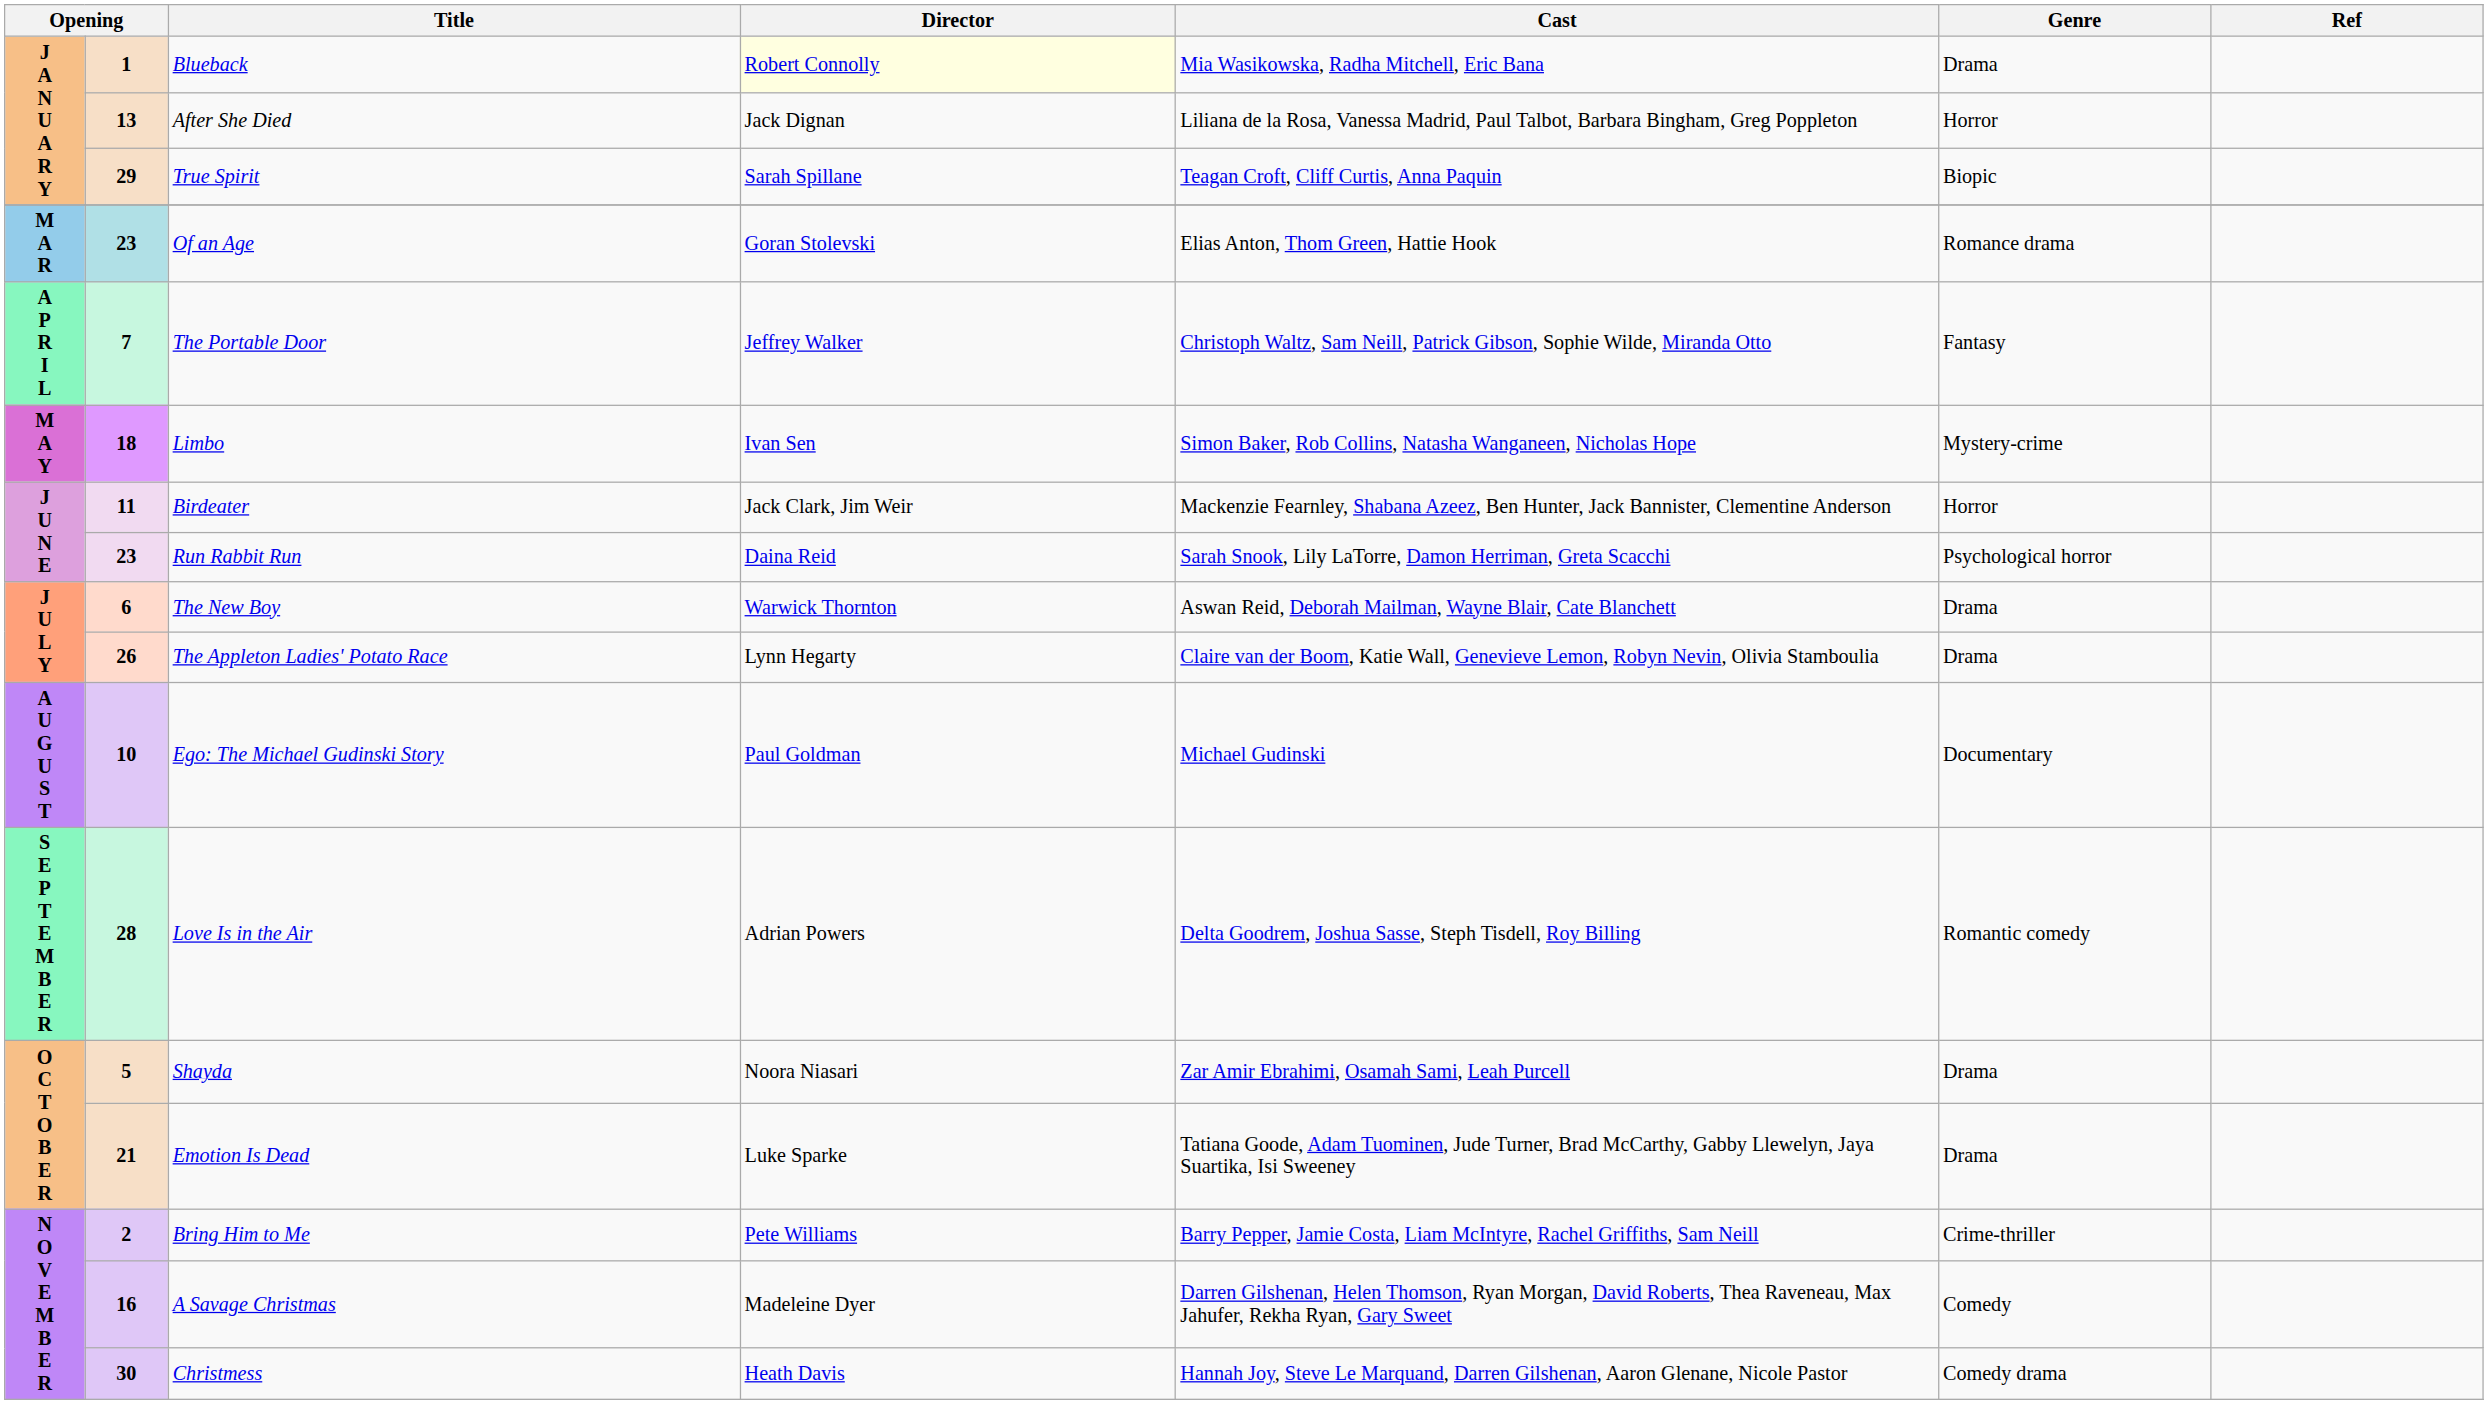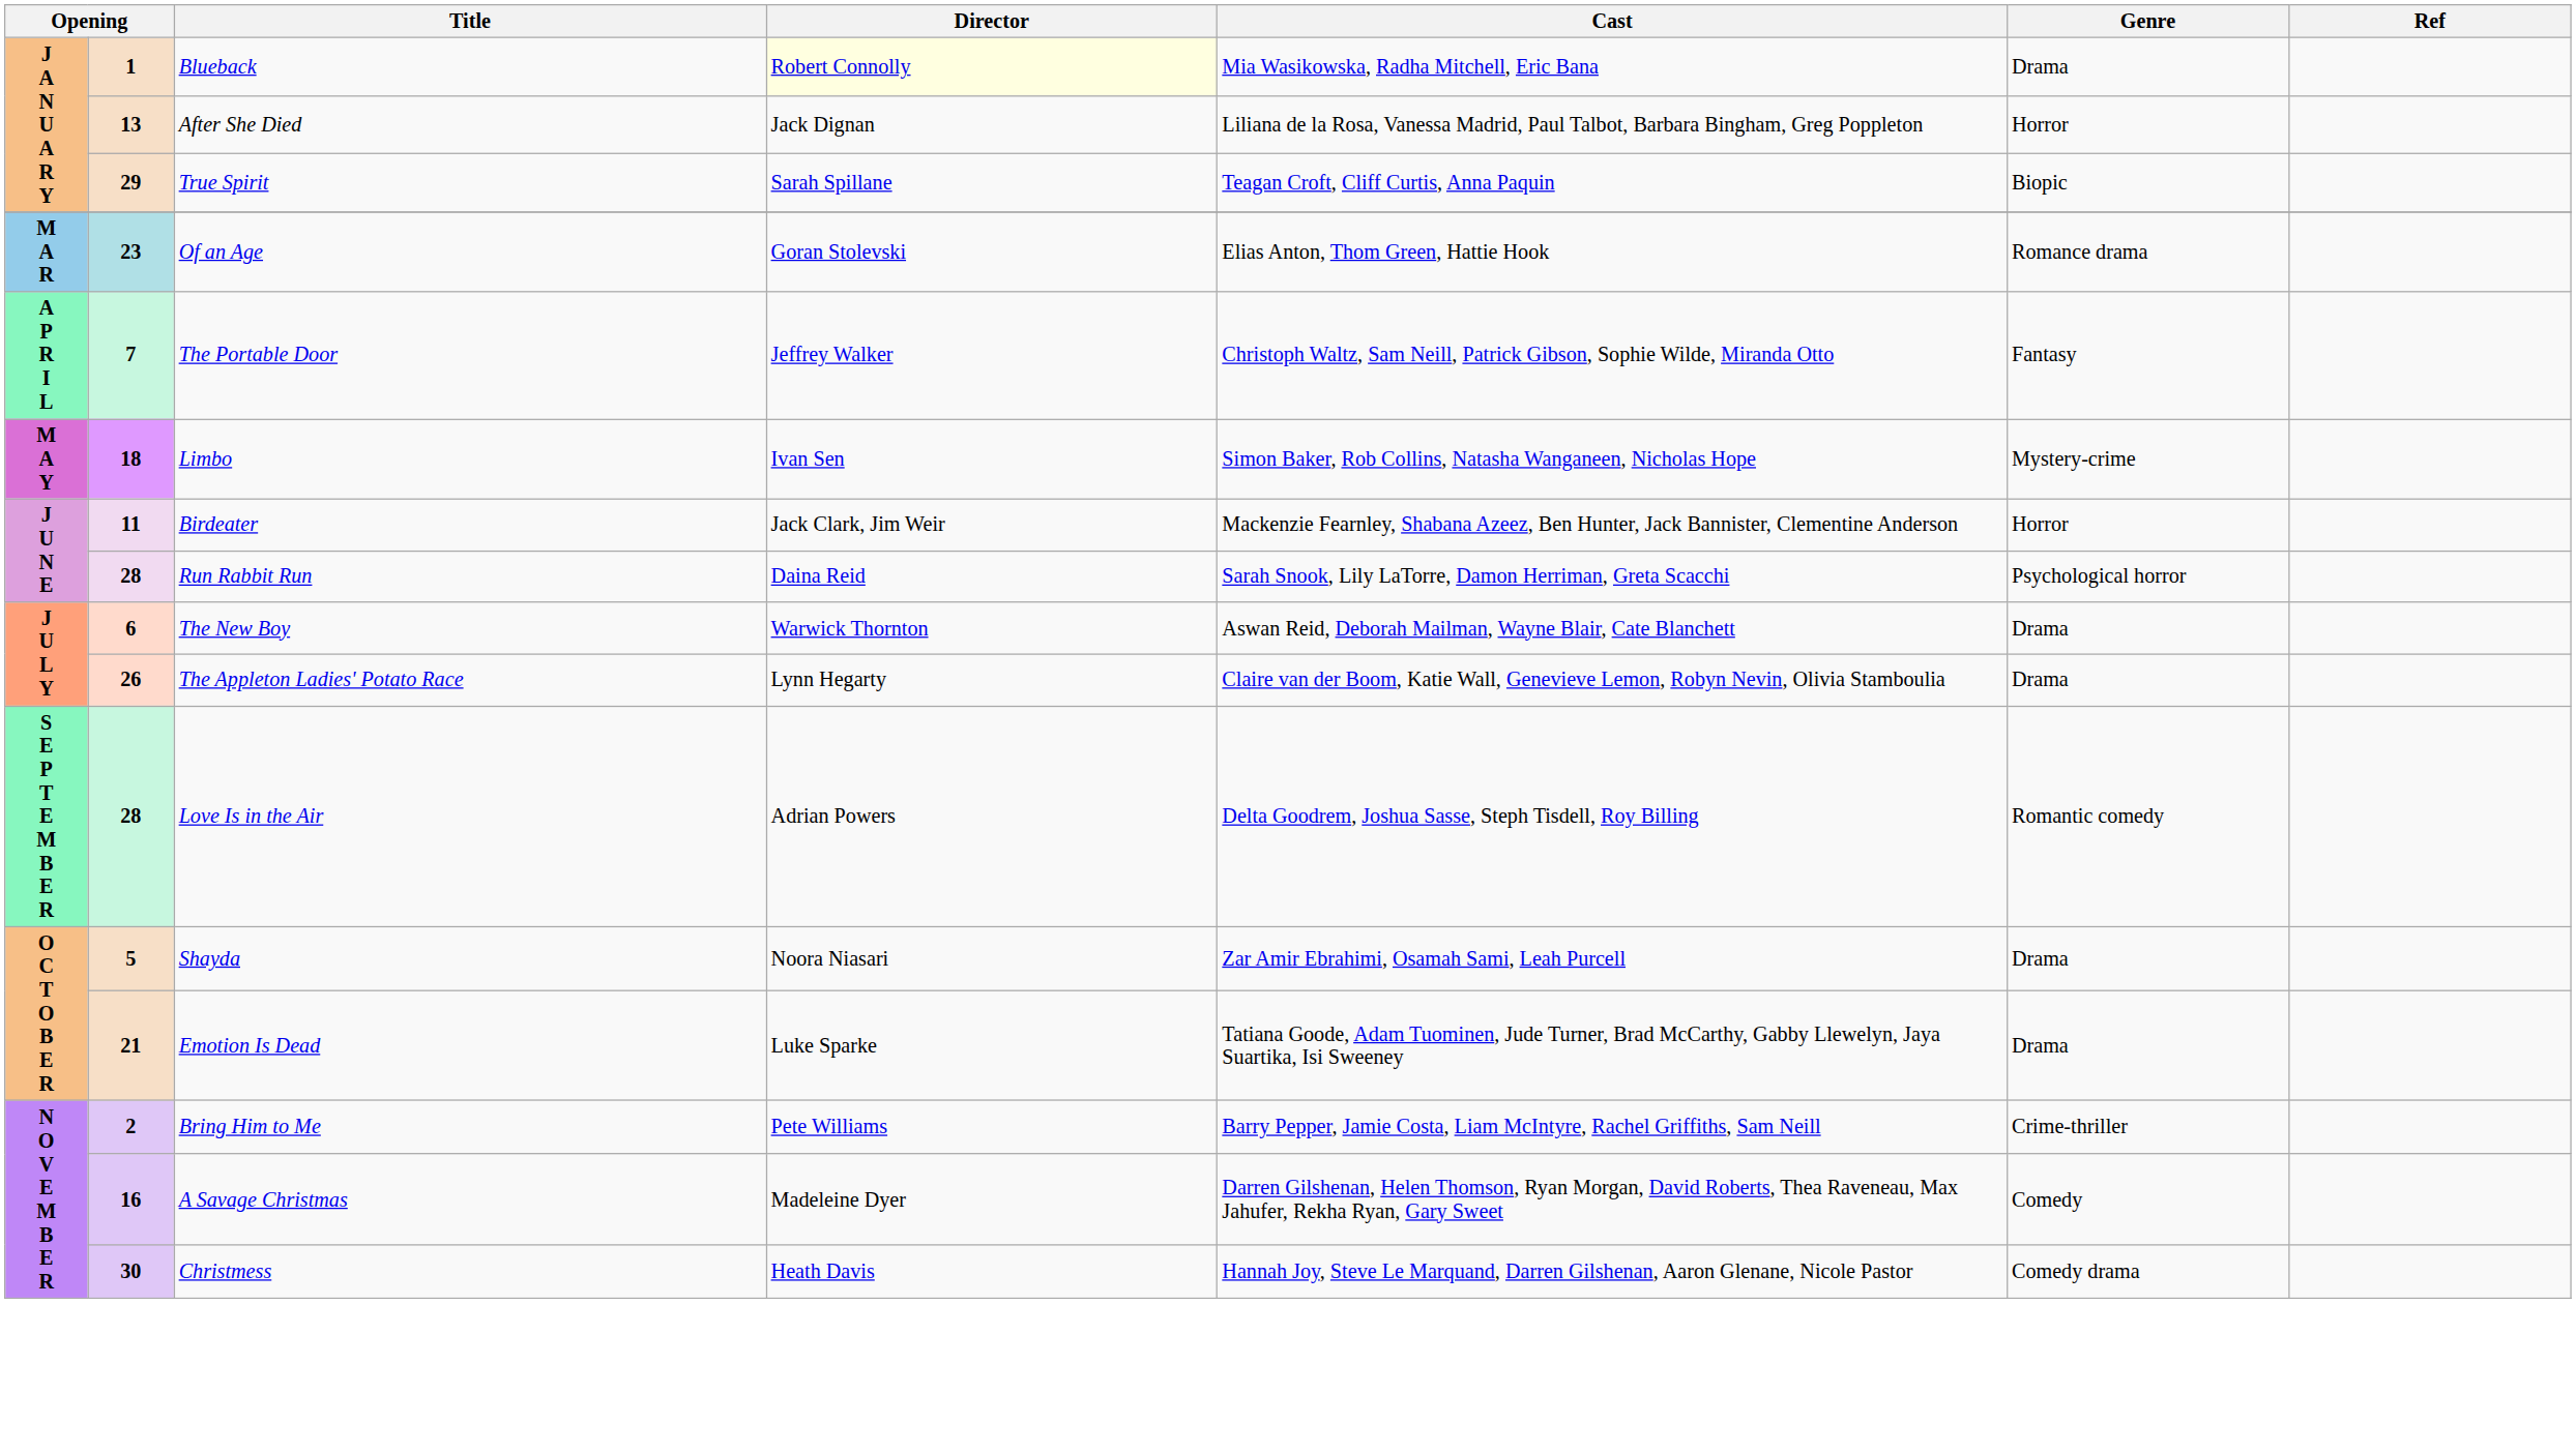 <table class="wikitable sortable">
 <tr>
 <th colspan="2" style="width:6%">Opening</th>
 <th width="21%">Title</th>
 <th width="16%">Director</th>
 <th width="28%">Cast</th>
 <th width="10%">Genre</th>
 <th width="10%">Ref</th>
 </tr>
 <tr>
 <th rowspan="3" style="text-align:center; background:#f7bf87">J<br>A<br>N<br>U<br>A<br>R<br>Y</th>
 <td style="text-align:center; background:#f7dfc7"><strong>1</strong></td>
 <td data-sort-value="Blueback"><em><a href='#'>Blueback</a></em></td>
 <td style="background: lightyellow;"><a href='#'>Robert Connolly</a></td>
 <td><a href='#'>Mia Wasikowska</a>, <a href='#'>Radha Mitchell</a>, <a href='#'>Eric Bana</a></td>
 <td>Drama</td>
 <td></td>
 </tr>
 <tr>
 <td style="text-align:center; background:#f7dfc7"><strong>13</strong></td>
 <td><em>After She Died</em></td>
 <td>Jack Dignan</td>
 <td>Liliana de la Rosa, Vanessa Madrid, Paul Talbot, Barbara Bingham, Greg Poppleton</td>
 <td>Horror</td>
 <td></td>
 </tr>
 <tr>
 <td style="text-align:center; background:#f7dfc7"><strong>29</strong></td>
 <td data-sort-value="True Spirit"><em><a href='#'>True Spirit</a></em></td>
 <td><a href='#'>Sarah Spillane</a></td>
 <td><a href='#'>Teagan Croft</a>, <a href='#'>Cliff Curtis</a>, <a href='#'>Anna Paquin</a></td>
 <td>Biopic</td>
 <td></td>
 </tr>
 <tr March>
 </tr>
 <tr>
 <td rowspan="1" style="text-align:center; background:#93CCEA; textcolor:#000;"><strong>M<br>A<br>R</strong></td>
 <td style="text-align:center;background:#B0E0E6;"><strong>23</strong></td>
 <td data-sort-value="Of an Age"><em><a href='#'>Of an Age</a></em></td>
 <td><a href='#'>Goran Stolevski</a></td>
 <td>Elias Anton, <a href='#'>Thom Green</a>, Hattie Hook</td>
 <td>Romance drama</td>
 <td></td>
 </tr>
 <tr>
 <th rowspan="1" style="text-align:center; background:#87f7bf">A<br>P<br>R<br>I<br>L</th>
 <td style="text-align:center; background:#c7f7df"><strong>7</strong></td>
 <td data-sort-value="The Portable Door"><em><a href='#'>The Portable Door</a></em></td>
 <td><a href='#'>Jeffrey Walker</a></td>
 <td><a href='#'>Christoph Waltz</a>, <a href='#'>Sam Neill</a>, <a href='#'>Patrick Gibson</a>, Sophie Wilde, <a href='#'>Miranda Otto</a></td>
 <td>Fantasy</td>
 <td></td>
 </tr>
 <tr>
 <th rowspan="1" style="text-align:center; background:#DA70D6">M<br>A<br>Y</th>
 <td style="text-align:center; background:#DF99FF"><strong>18</strong></td>
 <td data-sort-value="Limbo"><em><a href='#'>Limbo</a></em></td>
 <td><a href='#'>Ivan Sen</a></td>
 <td><a href='#'>Simon Baker</a>, <a href='#'>Rob Collins</a>, <a href='#'>Natasha Wanganeen</a>, <a href='#'>Nicholas Hope</a></td>
 <td>Mystery-crime</td>
 <td></td>
 </tr>
 <tr>
 <th rowspan="2" style="text-align:center; background:plum">J<br>U<br>N<br>E<br></th>
 <td style="text-align:center; background:#f1daf1"><strong>11</strong></td>
 <td><em><a href='#'>Birdeater</a></em></td>
 <td>Jack Clark, Jim Weir</td>
 <td>Mackenzie Fearnley, <a href='#'>Shabana Azeez</a>, Ben Hunter, Jack Bannister, Clementine Anderson</td>
 <td>Horror</td>
 <td></td>
 </tr>
 <tr>
-<td style="text-align:center; background:#f1daf1"><strong>23</strong></td>
+<td style="text-align:center; background:#f1daf1"><strong>28</strong></td>
 <td data-sort-value="Run Rabbit Run"><em><a href='#'>Run Rabbit Run</a></em></td>
 <td><a href='#'>Daina Reid</a></td>
 <td><a href='#'>Sarah Snook</a>, Lily LaTorre, <a href='#'>Damon Herriman</a>, <a href='#'>Greta Scacchi</a></td>
 <td>Psychological horror</td>
 <td></td>
 </tr>
 <tr>
 <th rowspan="2" style="text-align:center; background:#ffa07a">J<br>U<br>L<br>Y<br></th>
 <td style="text-align:center; background:#ffdacc"><strong>6</strong></td>
 <td data-sort-value="New Boy, The"><em><a href='#'>The New Boy</a></em></td>
 <td><a href='#'>Warwick Thornton</a></td>
 <td>Aswan Reid, <a href='#'>Deborah Mailman</a>, <a href='#'>Wayne Blair</a>,  <a href='#'>Cate Blanchett</a></td>
 <td>Drama</td>
 <td></td>
 </tr>
 <tr>
 <td style="text-align:center; background:#ffdacc"><strong>26</strong></td>
 <td data-sort-value="Appleton Ladies' Potato Race, The"><em><a href='#'>The Appleton Ladies' Potato Race</a></em></td>
 <td>Lynn Hegarty</td>
 <td><a href='#'>Claire van der Boom</a>, Katie Wall, <a href='#'>Genevieve Lemon</a>, <a href='#'>Robyn Nevin</a>, Olivia Stamboulia</td>
 <td>Drama</td>
-<td></td>
-</tr>
-<tr>
-<th style="text-align:center; background:#bf87f7; textcolor:#000;">A<br>U<br>G<br>U<br>S<br>T</th>
-<td style="text-align:center; background:#dfc7f7"><strong>10</strong></td>
-<td data-sort-value="Ego: The Michael Gudinski Story"><em><a href='#'>Ego: The Michael Gudinski Story</a></em></td>
-<td><a href='#'>Paul Goldman</a></td>
-<td><a href='#'>Michael Gudinski</a></td>
-<td>Documentary</td>
 <td></td>
 </tr>
 <tr>
 <th style="text-align:center; background:#87f7bf">S<br>E<br>P<br>T<br>E<br>M<br>B<br>E<br>R</th>
 <td style="text-align:center; background:#c7f7df"><strong>28</strong></td>
 <td data-sort-value="Love Is in the Air"><em><a href='#'>Love Is in the Air</a></em></td>
 <td>Adrian Powers</td>
 <td><a href='#'>Delta Goodrem</a>, <a href='#'>Joshua Sasse</a>, Steph Tisdell, <a href='#'>Roy Billing</a></td>
 <td>Romantic comedy</td>
 <td></td>
 </tr>
 <tr>
 <th rowspan="2" style="text-align:center; background:#f7bf87">O<br>C<br>T<br>O<br>B<br>E<br>R</th>
 <td style="text-align:center; background:#f7dfc7"><strong>5</strong></td>
 <td><em><a href='#'>Shayda</a></em></td>
 <td>Noora Niasari</td>
 <td><a href='#'>Zar Amir Ebrahimi</a>, <a href='#'>Osamah Sami</a>, <a href='#'>Leah Purcell</a></td>
 <td>Drama</td>
 <td></td>
 </tr>
 <tr>
 <td style="text-align:center; background:#f7dfc7"><strong>21</strong></td>
 <td><em><a href='#'>Emotion Is Dead</a></em></td>
 <td>Luke Sparke</td>
 <td>Tatiana Goode, <a href='#'>Adam Tuominen</a>, Jude Turner, Brad McCarthy, Gabby Llewelyn, Jaya Suartika, Isi Sweeney</td>
 <td>Drama</td>
 <td></td>
 </tr>
 <tr>
 <th rowspan="3" style="text-align:center; background:#bf87f7; textcolor:#000;">N<br>O<br>V<br>E<br>M<br>B<br>E<br>R</th>
 <td style="text-align:center; background:#dfc7f7"><strong>2</strong></td>
 <td><em><a href='#'>Bring Him to Me</a></em></td>
 <td><a href='#'>Pete Williams</a></td>
 <td><a href='#'>Barry Pepper</a>, <a href='#'>Jamie Costa</a>, <a href='#'>Liam McIntyre</a>, <a href='#'>Rachel Griffiths</a>, <a href='#'>Sam Neill</a></td>
 <td>Crime-thriller</td>
 <td></td>
 </tr>
 <tr>
 <td style="text-align:center; background:#dfc7f7"><strong>16</strong></td>
 <td><em><a href='#'>A Savage Christmas</a></em></td>
 <td>Madeleine Dyer</td>
 <td><a href='#'>Darren Gilshenan</a>, <a href='#'>Helen Thomson</a>, Ryan Morgan, <a href='#'>David Roberts</a>, Thea Raveneau, Max Jahufer, Rekha Ryan, <a href='#'>Gary Sweet</a></td>
 <td>Comedy</td>
 <td></td>
 </tr>
 <tr>
 <td style="text-align:center; background:#dfc7f7"><strong>30</strong></td>
 <td><em><a href='#'>Christmess</a></em></td>
 <td><a href='#'>Heath Davis</a></td>
 <td><a href='#'>Hannah Joy</a>, <a href='#'>Steve Le Marquand</a>, <a href='#'>Darren Gilshenan</a>, Aaron Glenane, Nicole Pastor</td>
 <td>Comedy drama</td>
 <td></td>
 </tr>
 <tr>
 </tr>
 </table>
